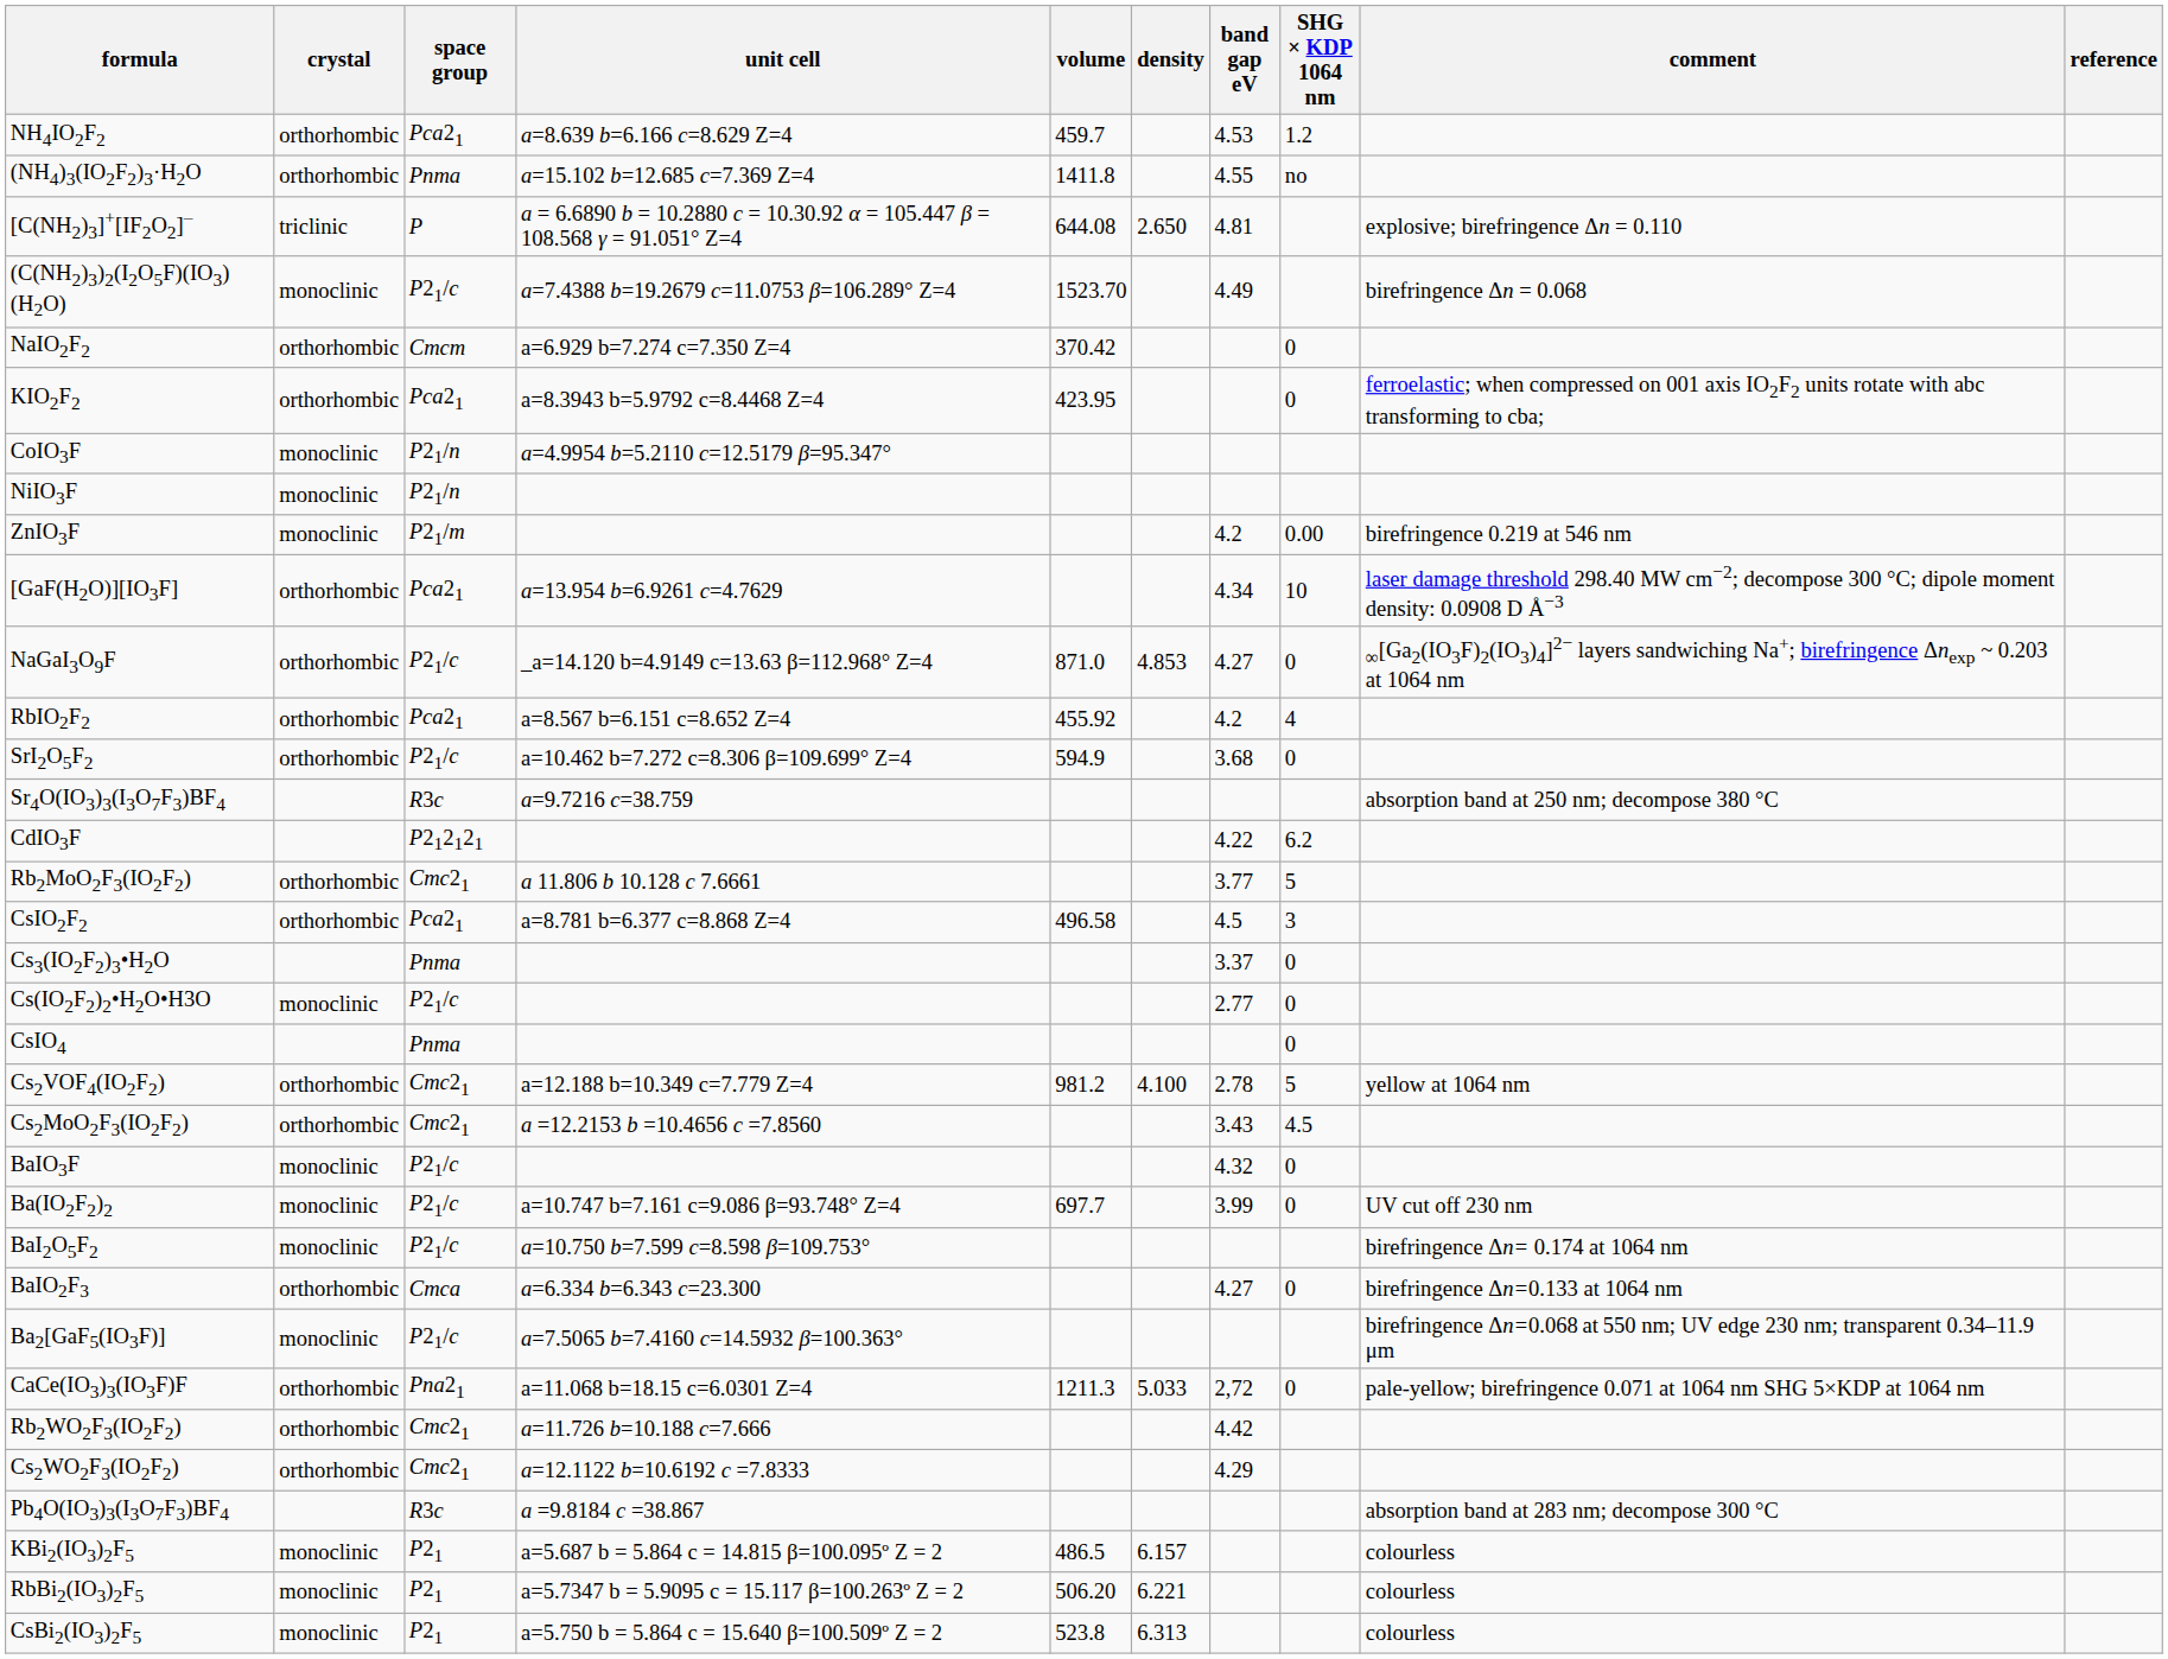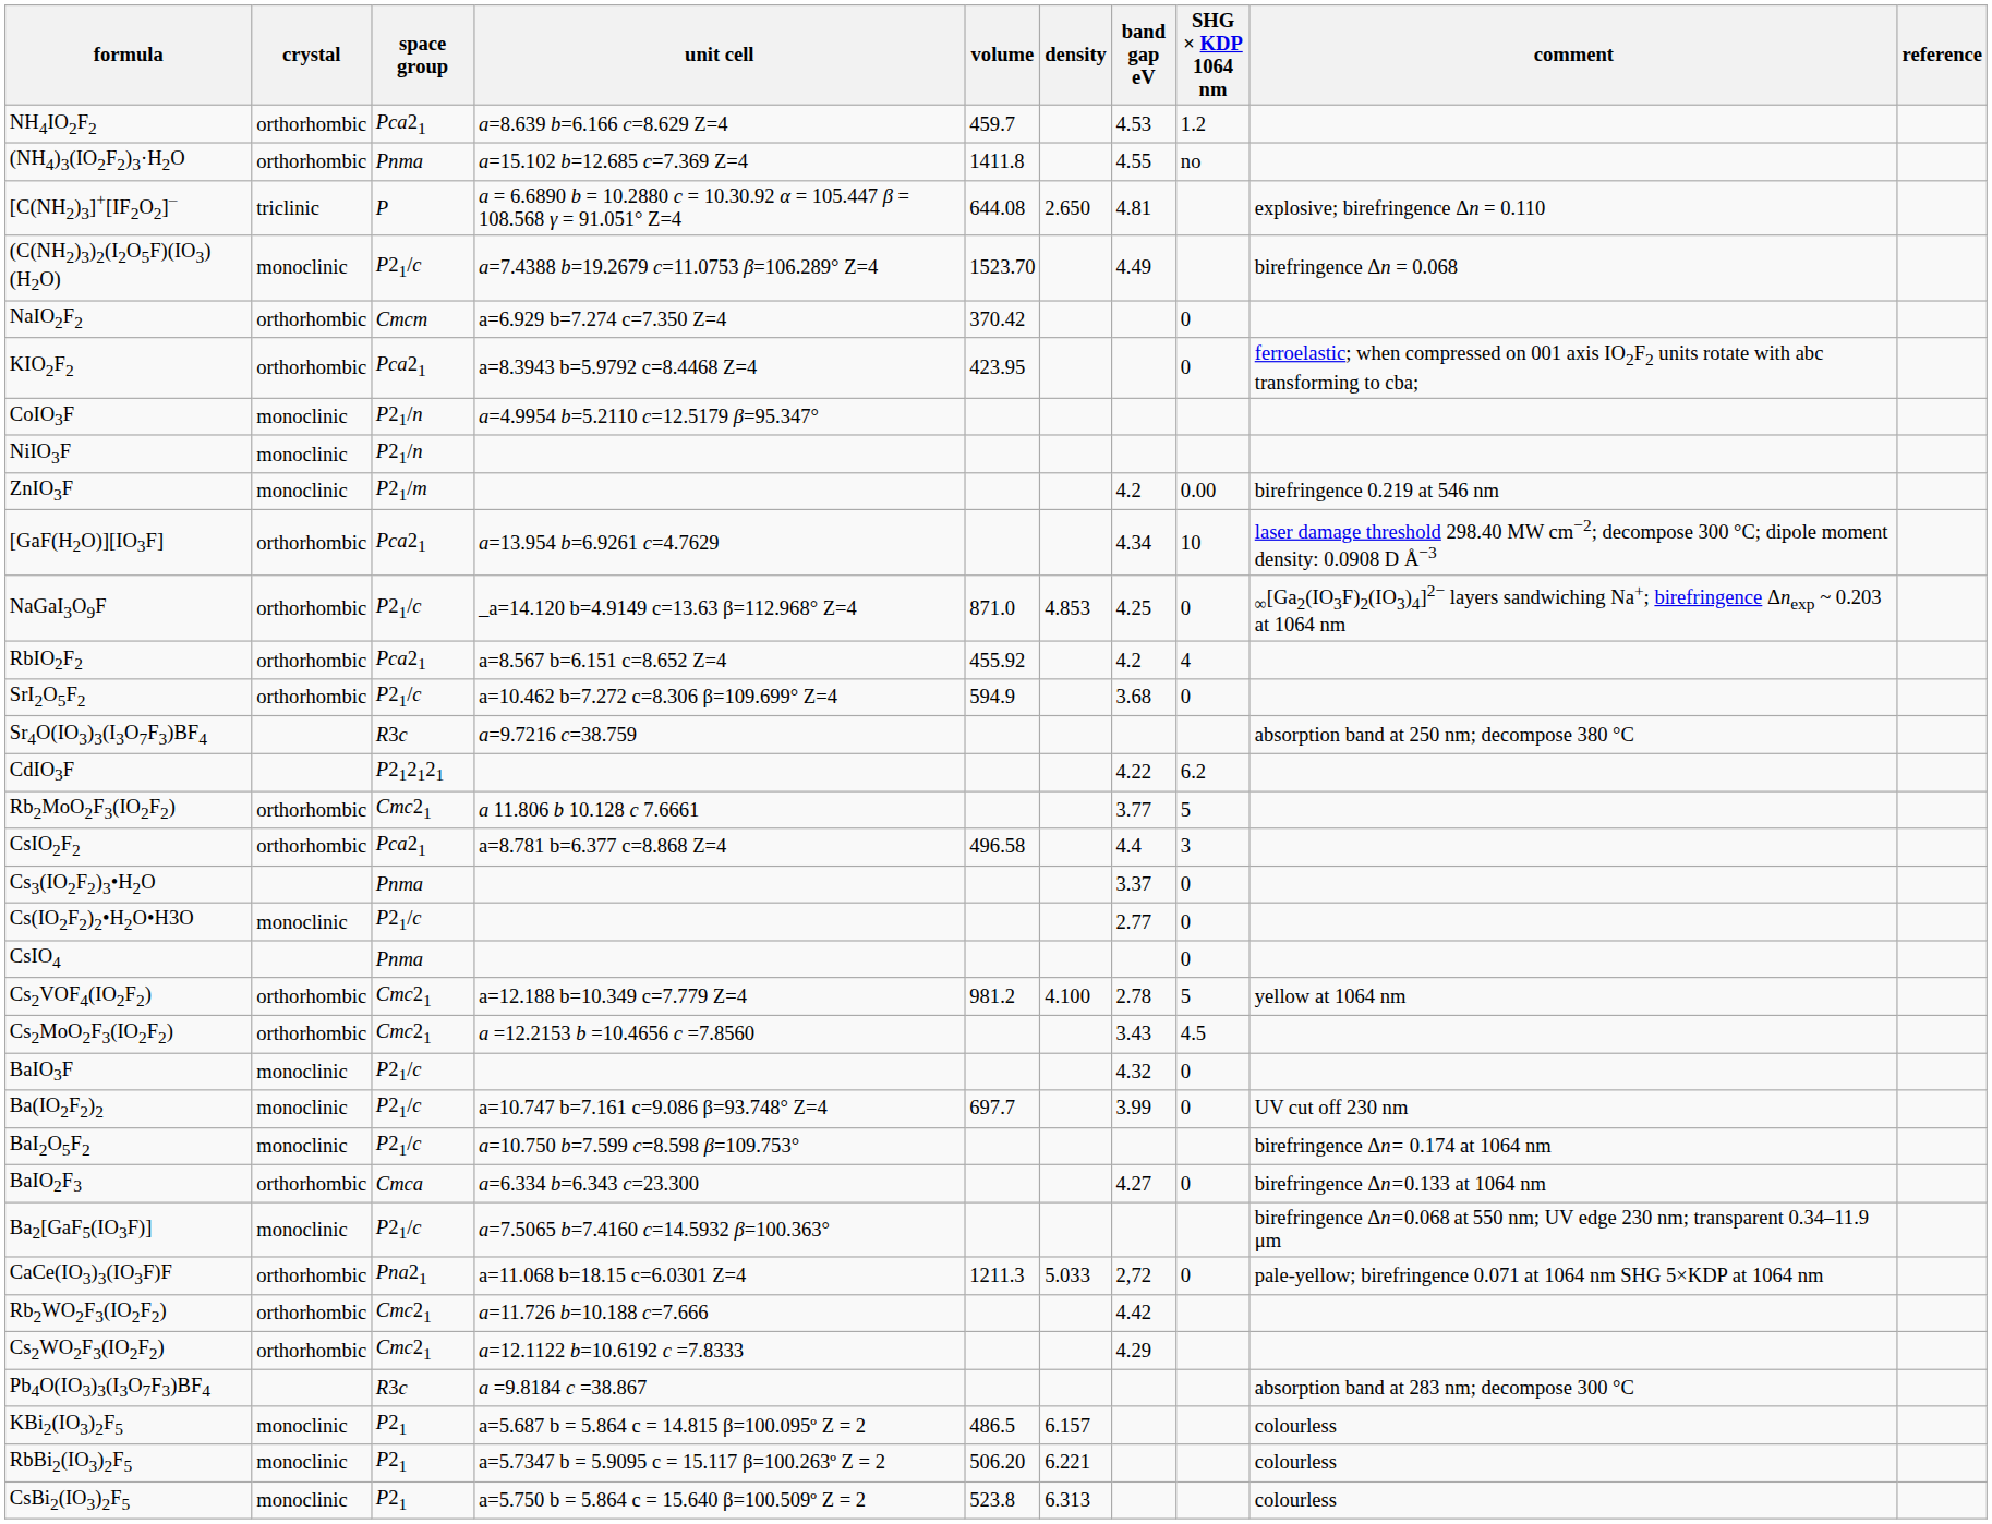 <table class="wikitable">
 <tr>
 <th>formula</th>
 <th>crystal</th>
 <th>space group</th>
 <th>unit cell</th>
 <th>volume</th>
 <th>density</th>
 <th>band<br>gap eV</th>
 <th>SHG<br>× <a href='#'>KDP</a><br>1064 nm</th>
 <th>comment</th>
 <th>reference</th>
 </tr>
 <tr>
 <td>NH<sub>4</sub>IO<sub>2</sub>F<sub>2</sub></td>
 <td>orthorhombic</td>
 <td><em>Pca</em>2<sub>1</sub></td>
 <td><em>a</em>=8.639 <em>b</em>=6.166 <em>c</em>=8.629 Z=4</td>
 <td>459.7</td>
 <td></td>
 <td>4.53</td>
 <td>1.2</td>
 <td></td>
 <td></td>
 </tr>
 <tr>
 <td>(NH<sub>4</sub>)<sub>3</sub>(IO<sub>2</sub>F<sub>2</sub>)<sub>3</sub>·H<sub>2</sub>O</td>
 <td>orthorhombic</td>
 <td><em>Pnma</em></td>
 <td><em>a</em>=15.102 <em>b</em>=12.685 <em>c</em>=7.369 Z=4</td>
 <td>1411.8</td>
 <td></td>
 <td>4.55</td>
 <td>no</td>
 <td></td>
 <td></td>
 </tr>
 <tr>
 <td>[C(NH<sub>2</sub>)<sub>3</sub>]<sup>+</sup>[IF<sub>2</sub>O<sub>2</sub>]<sup>–</sup></td>
 <td>triclinic</td>
 <td><em>P</em></td>
 <td><em>a</em> = 6.6890 <em>b</em> = 10.2880 <em>c</em> = 10.30.92 <em>α</em> = 105.447 <em>β</em> = 108.568 <em>γ</em> = 91.051° Z=4</td>
 <td>644.08</td>
 <td>2.650</td>
 <td>4.81</td>
 <td></td>
 <td>explosive; birefringence Δ<em>n</em> = 0.110</td>
 <td></td>
 </tr>
 <tr>
 <td>(C(NH<sub>2</sub>)<sub>3</sub>)<sub>2</sub>(I<sub>2</sub>O<sub>5</sub>F)(IO<sub>3</sub>)(H<sub>2</sub>O)</td>
 <td>monoclinic</td>
 <td><em>P</em>2<sub>1</sub>/<em>c</em></td>
 <td><em>a</em>=7.4388 <em>b</em>=19.2679 <em>c</em>=11.0753 <em>β</em>=106.289° Z=4</td>
 <td>1523.70</td>
 <td></td>
 <td>4.49</td>
 <td></td>
 <td>birefringence Δ<em>n</em> = 0.068</td>
 <td></td>
 </tr>
 <tr>
 <td>NaIO<sub>2</sub>F<sub>2</sub></td>
 <td>orthorhombic</td>
 <td><em>Cmcm</em></td>
 <td>a=6.929 b=7.274 c=7.350 Z=4</td>
 <td>370.42</td>
 <td></td>
 <td></td>
 <td>0</td>
 <td></td>
 <td></td>
 </tr>
 <tr>
 <td>KIO<sub>2</sub>F<sub>2</sub></td>
 <td>orthorhombic</td>
 <td><em>Pca</em>2<sub>1</sub></td>
 <td>a=8.3943 b=5.9792 c=8.4468 Z=4</td>
 <td>423.95</td>
 <td></td>
 <td></td>
 <td>0</td>
 <td><a href='#'>ferroelastic</a>; when compressed on 001 axis IO<sub>2</sub>F<sub>2</sub> units rotate with abc transforming to cba;</td>
 <td></td>
 </tr>
 <tr>
 <td>CoIO<sub>3</sub>F</td>
 <td>monoclinic</td>
 <td><em>P</em>2<sub>1</sub>/<em>n</em></td>
 <td><em>a</em>=4.9954 <em>b</em>=5.2110 <em>c</em>=12.5179 <em>β</em>=95.347°</td>
 <td></td>
 <td></td>
 <td></td>
 <td></td>
 <td></td>
 <td></td>
 </tr>
 <tr>
 <td>NiIO<sub>3</sub>F</td>
 <td>monoclinic</td>
 <td><em>P</em>2<sub>1</sub>/<em>n</em></td>
 <td></td>
 <td></td>
 <td></td>
 <td></td>
 <td></td>
 <td></td>
 <td></td>
 </tr>
 <tr>
 <td>ZnIO<sub>3</sub>F</td>
 <td>monoclinic</td>
 <td><em>P</em>2<sub>1</sub>/<em>m</em></td>
 <td></td>
 <td></td>
 <td></td>
 <td>4.2</td>
 <td>0.00</td>
 <td>birefringence 0.219 at 546 nm</td>
 <td></td>
 </tr>
 <tr>
 <td>[GaF(H<sub>2</sub>O)][IO<sub>3</sub>F]</td>
 <td>orthorhombic</td>
 <td><em>Pca</em>2<sub>1</sub></td>
 <td><em>a</em>=13.954 <em>b</em>=6.9261 <em>c</em>=4.7629</td>
 <td></td>
 <td></td>
 <td>4.34</td>
 <td>10</td>
 <td><a href='#'>laser damage threshold</a> 298.40 MW cm<sup>−2</sup>; decompose 300 °C; dipole moment density: 0.0908 D Å<sup>−3</sup></td>
 <td></td>
 </tr>
 <tr>
 <td>NaGaI<sub>3</sub>O<sub>9</sub>F</td>
 <td>orthorhombic</td>
 <td><em>P</em>2<sub>1</sub>/<em>c</em></td>
 <td>_a=14.120 b=4.9149 c=13.63 β=112.968° Z=4</td>
 <td>871.0</td>
 <td>4.853</td>
-<td>4.27</td>
+<td>4.25</td>
 <td>0</td>
 <td><sub>∞</sub>[Ga<sub>2</sub>(IO<sub>3</sub>F)<sub>2</sub>(IO<sub>3</sub>)<sub>4</sub>]<sup>2−</sup> layers sandwiching Na<sup>+</sup>; <a href='#'>birefringence</a> Δ<em>n</em><sub>exp</sub> ~ 0.203 at 1064 nm</td>
 <td></td>
 </tr>
 <tr>
 <td>RbIO<sub>2</sub>F<sub>2</sub></td>
 <td>orthorhombic</td>
 <td><em>Pca</em>2<sub>1</sub></td>
 <td>a=8.567 b=6.151 c=8.652 Z=4</td>
 <td>455.92</td>
 <td></td>
 <td>4.2</td>
 <td>4</td>
 <td></td>
 <td></td>
 </tr>
 <tr>
 <td>SrI<sub>2</sub>O<sub>5</sub>F<sub>2</sub></td>
 <td>orthorhombic</td>
 <td><em>P</em>2<sub>1</sub>/<em>c</em></td>
 <td>a=10.462 b=7.272 c=8.306 β=109.699° Z=4</td>
 <td>594.9</td>
 <td></td>
 <td>3.68</td>
 <td>0</td>
 <td></td>
 <td></td>
 </tr>
 <tr>
 <td>Sr<sub>4</sub>O(IO<sub>3</sub>)<sub>3</sub>(I<sub>3</sub>O<sub>7</sub>F<sub>3</sub>)BF<sub>4</sub></td>
 <td></td>
 <td><em>R</em>3<em>c</em></td>
 <td><em>a</em>=9.7216 <em>c</em>=38.759</td>
 <td></td>
 <td></td>
 <td></td>
 <td></td>
 <td>absorption band at 250 nm; decompose 380 °C</td>
 <td></td>
 </tr>
 <tr>
 <td>CdIO<sub>3</sub>F</td>
 <td></td>
 <td><em>P</em>2<sub>1</sub>2<sub>1</sub>2<sub>1</sub></td>
 <td></td>
 <td></td>
 <td></td>
 <td>4.22</td>
 <td>6.2</td>
 <td></td>
 <td></td>
 </tr>
 <tr>
 <td>Rb<sub>2</sub>MoO<sub>2</sub>F<sub>3</sub>(IO<sub>2</sub>F<sub>2</sub>)</td>
 <td>orthorhombic</td>
 <td><em>Cmc</em>2<sub>1</sub></td>
 <td><em>a</em> 11.806 <em>b</em> 10.128 <em>c</em> 7.6661</td>
 <td></td>
 <td></td>
 <td>3.77</td>
 <td>5</td>
 <td></td>
 <td></td>
 </tr>
 <tr>
 <td>CsIO<sub>2</sub>F<sub>2</sub></td>
 <td>orthorhombic</td>
 <td><em>Pca</em>2<sub>1</sub></td>
 <td>a=8.781 b=6.377 c=8.868 Z=4</td>
 <td>496.58</td>
 <td></td>
-<td>4.5</td>
+<td>4.4</td>
 <td>3</td>
 <td></td>
 <td></td>
 </tr>
 <tr>
 <td>Cs<sub>3</sub>(IO<sub>2</sub>F<sub>2</sub>)<sub>3</sub>•H<sub>2</sub>O</td>
 <td></td>
 <td><em>Pnma</em></td>
 <td></td>
 <td></td>
 <td></td>
 <td>3.37</td>
 <td>0</td>
 <td></td>
 <td></td>
 </tr>
 <tr>
 <td>Cs(IO<sub>2</sub>F<sub>2</sub>)<sub>2</sub>•H<sub>2</sub>O•H3O</td>
 <td>monoclinic</td>
 <td><em>P</em>2<sub>1</sub>/<em>c</em></td>
 <td></td>
 <td></td>
 <td></td>
 <td>2.77</td>
 <td>0</td>
 <td></td>
 <td></td>
 </tr>
 <tr>
 <td>CsIO<sub>4</sub></td>
 <td></td>
 <td><em>Pnma</em></td>
 <td></td>
 <td></td>
 <td></td>
 <td></td>
 <td>0</td>
 <td></td>
 <td></td>
 </tr>
 <tr>
 <td>Cs<sub>2</sub>VOF<sub>4</sub>(IO<sub>2</sub>F<sub>2</sub>)</td>
 <td>orthorhombic</td>
 <td><em>Cmc</em>2<sub>1</sub></td>
 <td>a=12.188 b=10.349 c=7.779  Z=4</td>
 <td>981.2</td>
 <td>4.100</td>
 <td>2.78</td>
 <td>5</td>
 <td>yellow  at 1064 nm</td>
 <td></td>
 </tr>
 <tr>
 <td>Cs<sub>2</sub>MoO<sub>2</sub>F<sub>3</sub>(IO<sub>2</sub>F<sub>2</sub>)</td>
 <td>orthorhombic</td>
 <td><em>Cmc</em>2<sub>1</sub></td>
 <td><em>a</em> =12.2153 <em>b</em> =10.4656 <em>c</em> =7.8560</td>
 <td></td>
 <td></td>
 <td>3.43</td>
 <td>4.5</td>
 <td></td>
 <td></td>
 </tr>
 <tr>
 <td>BaIO<sub>3</sub>F</td>
 <td>monoclinic</td>
 <td><em>P</em>2<sub>1</sub>/<em>c</em></td>
 <td></td>
 <td></td>
 <td></td>
 <td>4.32</td>
 <td>0</td>
 <td></td>
 <td></td>
 </tr>
 <tr>
 <td>Ba(IO<sub>2</sub>F<sub>2</sub>)<sub>2</sub></td>
 <td>monoclinic</td>
 <td><em>P</em>2<sub>1</sub>/<em>c</em></td>
 <td>a=10.747 b=7.161 c=9.086 β=93.748° Z=4</td>
 <td>697.7</td>
 <td></td>
 <td>3.99</td>
 <td>0</td>
 <td>UV cut off 230 nm</td>
 <td></td>
 </tr>
 <tr>
 <td>BaI<sub>2</sub>O<sub>5</sub>F<sub>2</sub></td>
 <td>monoclinic</td>
 <td><em>P</em>2<sub>1</sub>/<em>c</em></td>
 <td><em>a</em>=10.750 <em>b</em>=7.599 <em>c</em>=8.598 <em>β</em>=109.753°</td>
 <td></td>
 <td></td>
 <td></td>
 <td></td>
 <td>birefringence Δ<em>n=</em> 0.174 at 1064 nm</td>
 <td></td>
 </tr>
 <tr>
 <td>BaIO<sub>2</sub>F<sub>3</sub></td>
 <td>orthorhombic</td>
 <td><em>Cmca</em></td>
 <td><em>a</em>=6.334 <em>b</em>=6.343 <em>c</em>=23.300</td>
 <td></td>
 <td></td>
 <td>4.27</td>
 <td>0</td>
 <td>birefringence Δ<em>n=</em>0.133 at 1064 nm</td>
 <td></td>
 </tr>
 <tr>
 <td>Ba<sub>2</sub>[GaF<sub>5</sub>(IO<sub>3</sub>F)]</td>
 <td>monoclinic</td>
 <td><em>P</em>2<sub>1</sub>/<em>c</em></td>
 <td><em>a</em>=7.5065 <em>b</em>=7.4160 <em>c</em>=14.5932 <em>β</em>=100.363°</td>
 <td></td>
 <td></td>
 <td></td>
 <td></td>
 <td>birefringence Δ<em>n=</em>0.068 at 550 nm; UV edge 230 nm; transparent 0.34–11.9 μm</td>
 <td></td>
 </tr>
 <tr>
 <td>CaCe(IO<sub>3</sub>)<sub>3</sub>(IO<sub>3</sub>F)F</td>
 <td>orthorhombic</td>
 <td><em>Pna</em>2<sub>1</sub></td>
 <td>a=11.068 b=18.15 c=6.0301 Z=4</td>
 <td>1211.3</td>
 <td>5.033</td>
 <td>2,72</td>
 <td>0</td>
 <td>pale-yellow; birefringence 0.071 at 1064 nm SHG 5×KDP at 1064 nm</td>
 <td></td>
 </tr>
 <tr>
 <td>Rb<sub>2</sub>WO<sub>2</sub>F<sub>3</sub>(IO<sub>2</sub>F<sub>2</sub>)</td>
 <td>orthorhombic</td>
 <td><em>Cmc</em>2<sub>1</sub></td>
 <td><em>a</em>=11.726 <em>b</em>=10.188 <em>c</em>=7.666</td>
 <td></td>
 <td></td>
 <td>4.42</td>
 <td></td>
 <td></td>
 <td></td>
 </tr>
 <tr>
 <td>Cs<sub>2</sub>WO<sub>2</sub>F<sub>3</sub>(IO<sub>2</sub>F<sub>2</sub>)</td>
 <td>orthorhombic</td>
 <td><em>Cmc</em>2<sub>1</sub></td>
 <td><em>a</em>=12.1122 <em>b</em>=10.6192 <em>c</em> =7.8333</td>
 <td></td>
 <td></td>
 <td>4.29</td>
 <td></td>
 <td></td>
 <td></td>
 </tr>
 <tr>
 <td>Pb<sub>4</sub>O(IO<sub>3</sub>)<sub>3</sub>(I<sub>3</sub>O<sub>7</sub>F<sub>3</sub>)BF<sub>4</sub></td>
 <td></td>
 <td><em>R</em>3<em>c</em></td>
 <td><em>a</em> =9.8184 <em>c</em> =38.867</td>
 <td></td>
 <td></td>
 <td></td>
 <td></td>
 <td>absorption band at 283 nm; decompose 300 °C</td>
 <td></td>
 </tr>
 <tr>
 <td>KBi<sub>2</sub>(IO<sub>3</sub>)<sub>2</sub>F<sub>5</sub></td>
 <td>monoclinic</td>
 <td><em>P</em>2<sub>1</sub></td>
 <td>a=5.687 b = 5.864 c = 14.815 β=100.095º Z = 2</td>
 <td>486.5</td>
 <td>6.157</td>
 <td></td>
 <td></td>
 <td>colourless</td>
 <td></td>
 </tr>
 <tr>
 <td>RbBi<sub>2</sub>(IO<sub>3</sub>)<sub>2</sub>F<sub>5</sub></td>
 <td>monoclinic</td>
 <td><em>P</em>2<sub>1</sub></td>
 <td>a=5.7347 b = 5.9095 c = 15.117 β=100.263º Z = 2</td>
 <td>506.20</td>
 <td>6.221</td>
 <td></td>
 <td></td>
 <td>colourless</td>
 <td></td>
 </tr>
 <tr>
 <td>CsBi<sub>2</sub>(IO<sub>3</sub>)<sub>2</sub>F<sub>5</sub></td>
 <td>monoclinic</td>
 <td><em>P</em>2<sub>1</sub></td>
 <td>a=5.750 b = 5.864 c = 15.640 β=100.509º Z = 2</td>
 <td>523.8</td>
 <td>6.313</td>
 <td></td>
 <td></td>
 <td>colourless</td>
 <td></td>
 </tr>
 </table>
